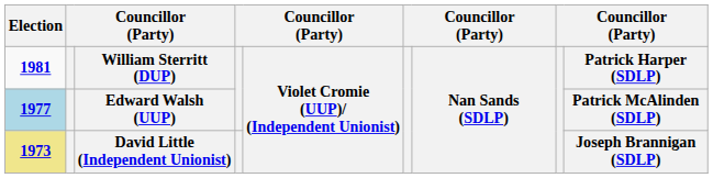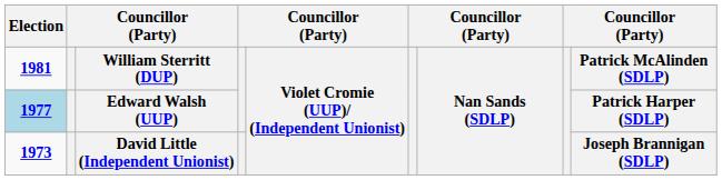 <table class="wikitable" style="text-align:center">
 <tr>
 <th scope="col" width="50">Election</th>
 <th scope="col" width="150" colspan = "2">Councillor<br> (Party)</th>
 <th scope="col" width="150" colspan = "2">Councillor<br> (Party)</th>
 <th scope="col" width="150" colspan = "2">Councillor<br> (Party)</th>
 <th scope="col" width="150" colspan = "2">Councillor<br> (Party)</th>
 </tr>
 <tr>
 <td><strong><a href='#'>1981</a></strong></td>
 <th rowspan="1" width="1" style="background-color: "></th>
 <th rowspan = "1">William Sterritt <br> (<a href='#'>DUP</a>)</th>
 <th rowspan="2" width="1" style="background-color: "></th>
 <th rowspan = "3">Violet Cromie <br> (<a href='#'>UUP</a>)/ <br> (<a href='#'>Independent Unionist</a>)</th>
 <th rowspan="3" width="1" style="background-color: "></th>
 <th rowspan = "3">Nan Sands <br> (<a href='#'>SDLP</a>)</th>
 <th rowspan="3" width="1" style="background-color: "></th>
-<th rowspan = "1">Patrick Harper <br> (<a href='#'>SDLP</a>)</th>
+<th rowspan = "1">Patrick McAlinden <br> (<a href='#'>SDLP</a>)</th>
 </tr>
 <tr>
 <td style="background: lightblue;"><strong><a href='#'>1977</a></strong></td>
 <th rowspan="1" width="1" style="background-color: "></th>
 <th rowspan = "1">Edward Walsh <br> (<a href='#'>UUP</a>)</th>
-<th rowspan = "1">Patrick McAlinden <br> (<a href='#'>SDLP</a>)</th>
+<th rowspan = "1">Patrick Harper <br> (<a href='#'>SDLP</a>)</th>
 </tr>
 <tr>
-<td style="background: khaki;"><strong><a href='#'>1973</a></strong></td>
+<td><strong><a href='#'>1973</a></strong></td>
 <th rowspan="1" width="1" style="background-color: "></th>
 <th rowspan = "1">David Little <br> (<a href='#'>Independent Unionist</a>)</th>
 <th rowspan="1" width="1" style="background-color: "></th>
 <th rowspan = "1">Joseph Brannigan <br> (<a href='#'>SDLP</a>)</th>
 </tr>
 </table>
